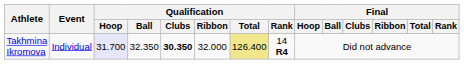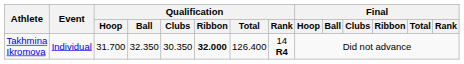 <table class=wikitable style="font-size:90%">
 <tr>
 <th rowspan=2>Athlete</th>
 <th rowspan=2>Event</th>
 <th colspan=6>Qualification</th>
 <th colspan=6>Final</th>
 </tr>
 <tr style="font-size:95%">
 <th>Hoop</th>
 <th>Ball</th>
 <th>Clubs</th>
 <th>Ribbon</th>
 <th>Total</th>
 <th>Rank</th>
 <th>Hoop</th>
 <th>Ball</th>
 <th>Clubs</th>
 <th>Ribbon</th>
 <th>Total</th>
 <th>Rank</th>
 </tr>
 <tr align=center>
 <td align=left><a href='#'>Takhmina Ikromova</a></td>
 <td align=left><a href='#'>Individual</a></td>
-<td style="background: lavender;">31.700</td>
+<td>31.700</td>
 <td>32.350</td>
-<td><strong>30.350</strong></td>
-<td>32.000</td>
-<td style="background: khaki;">126.400</td>
+<td>30.350</td>
+<td><strong>32.000</strong></td>
+<td>126.400</td>
 <td>14 <strong>R4</strong></td>
 <td colspan=6>Did not advance</td>
 </tr>
 </table>
